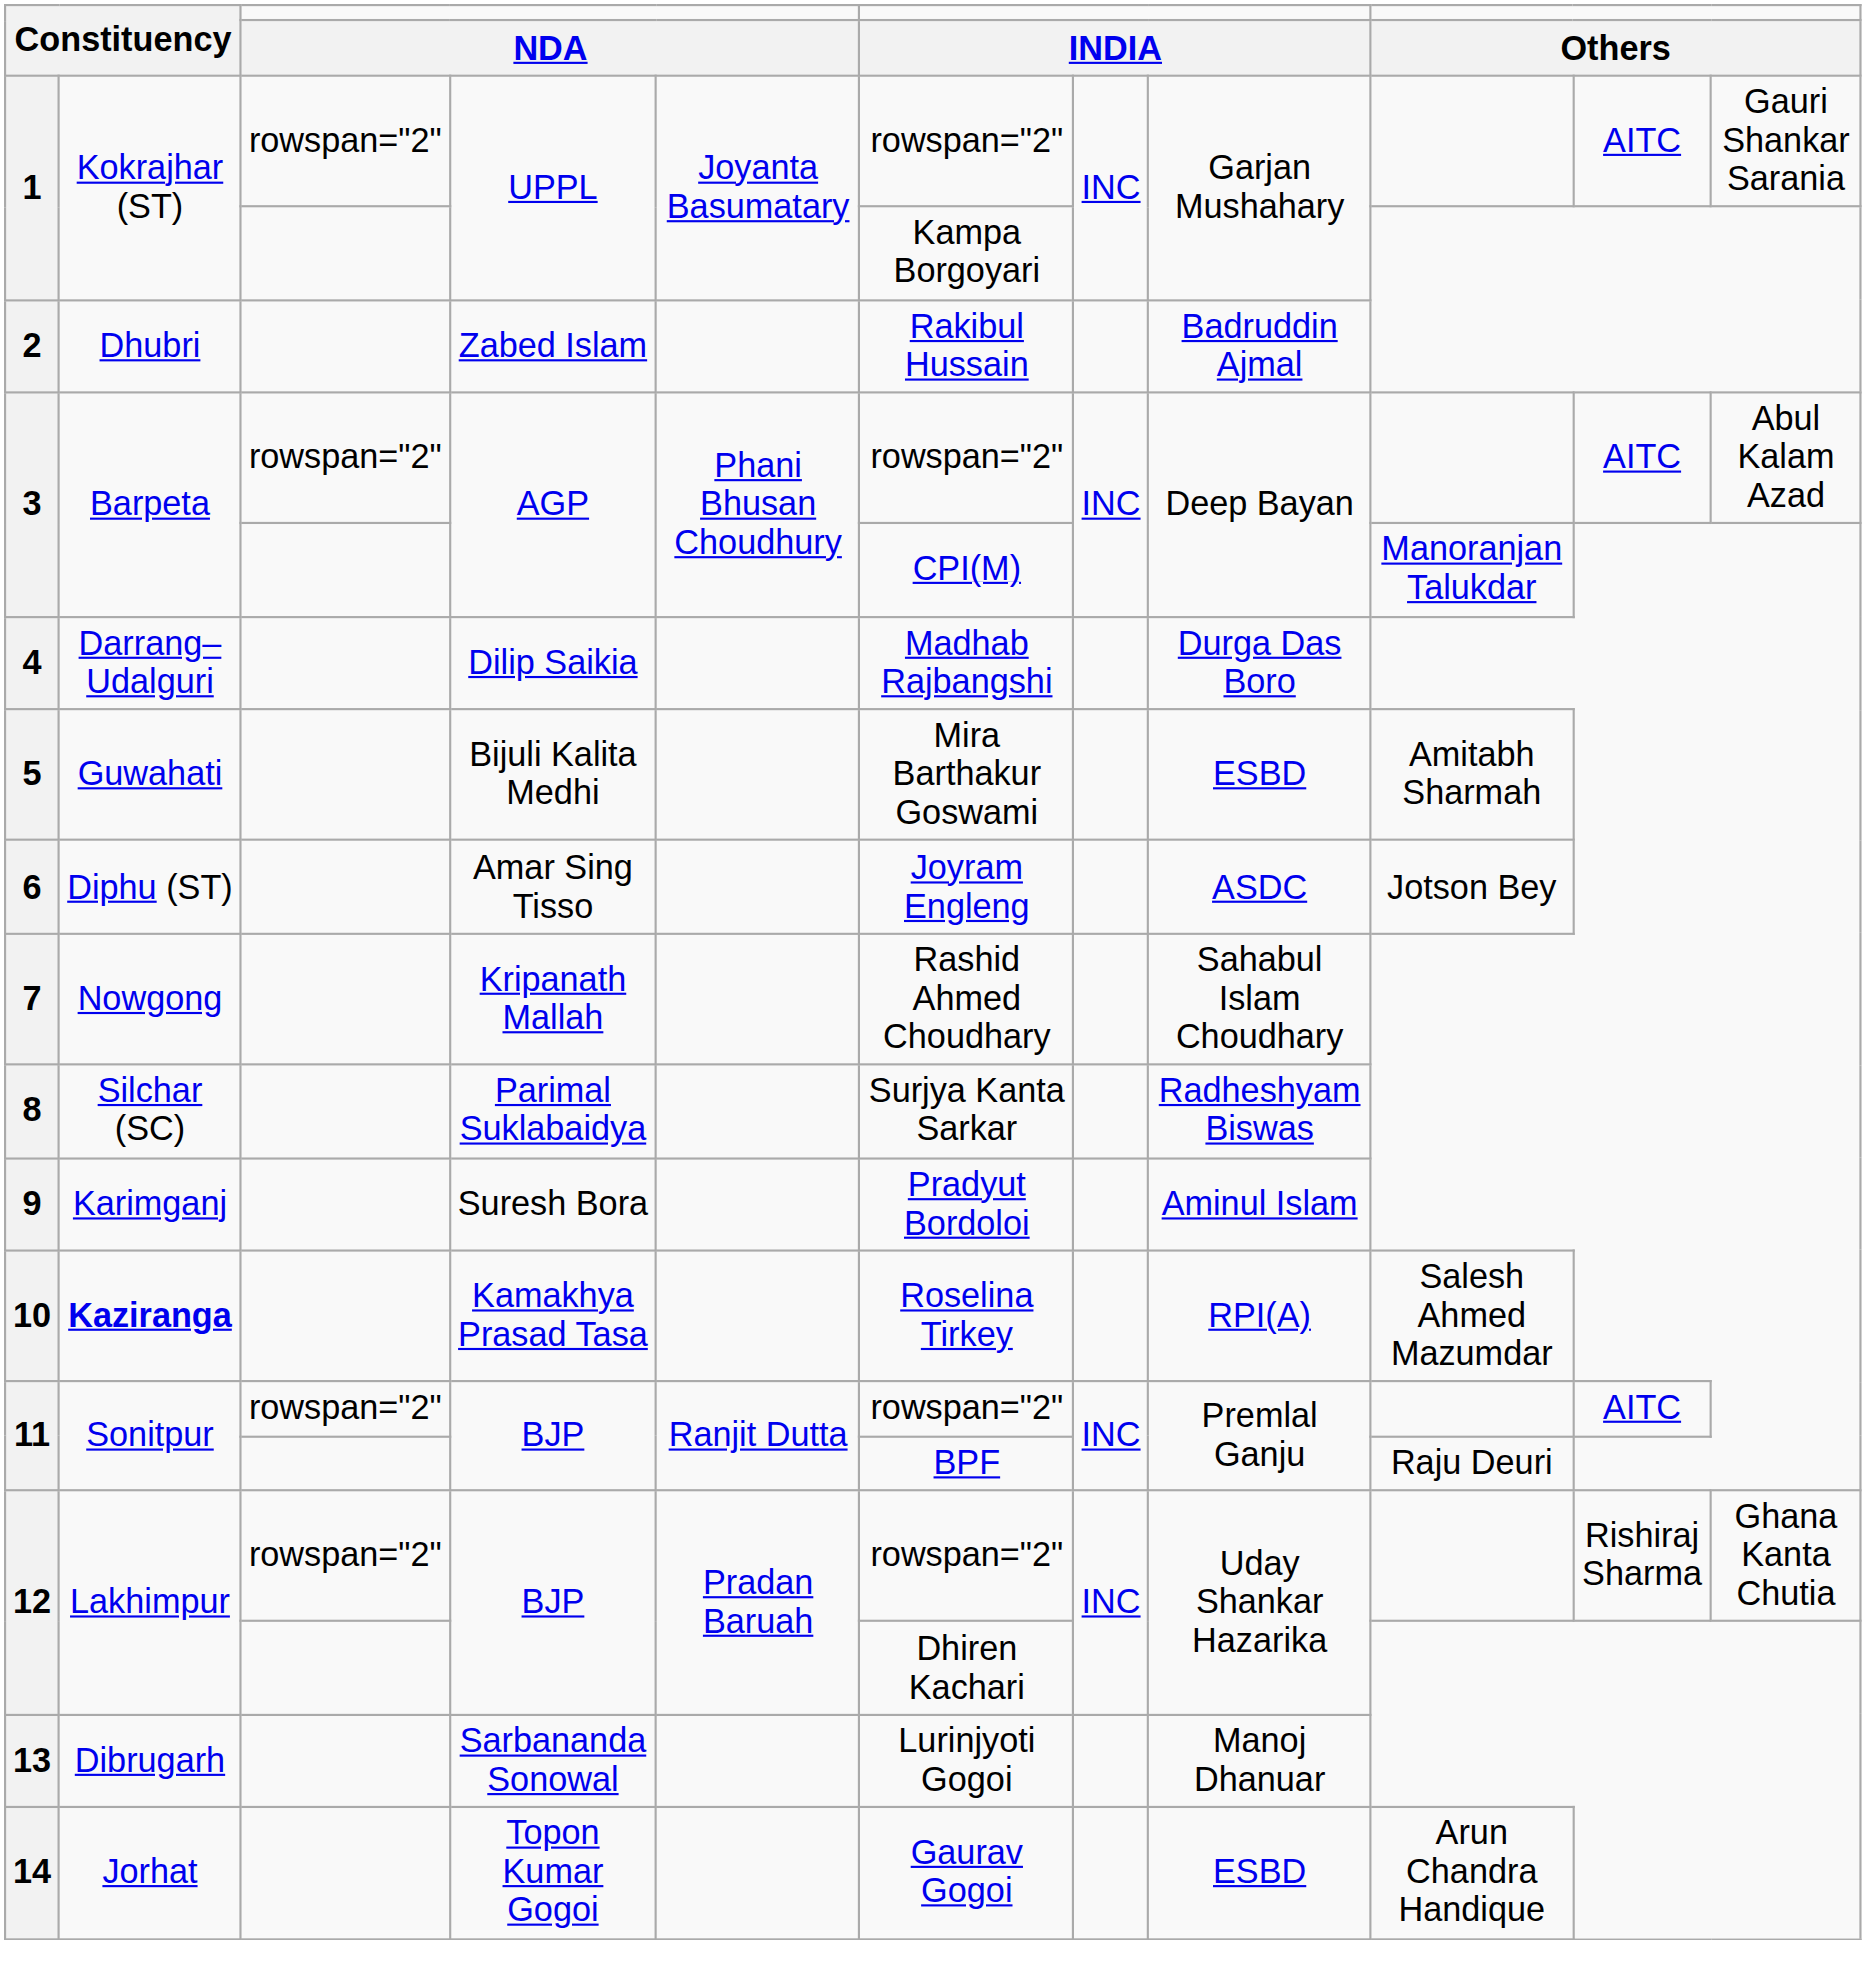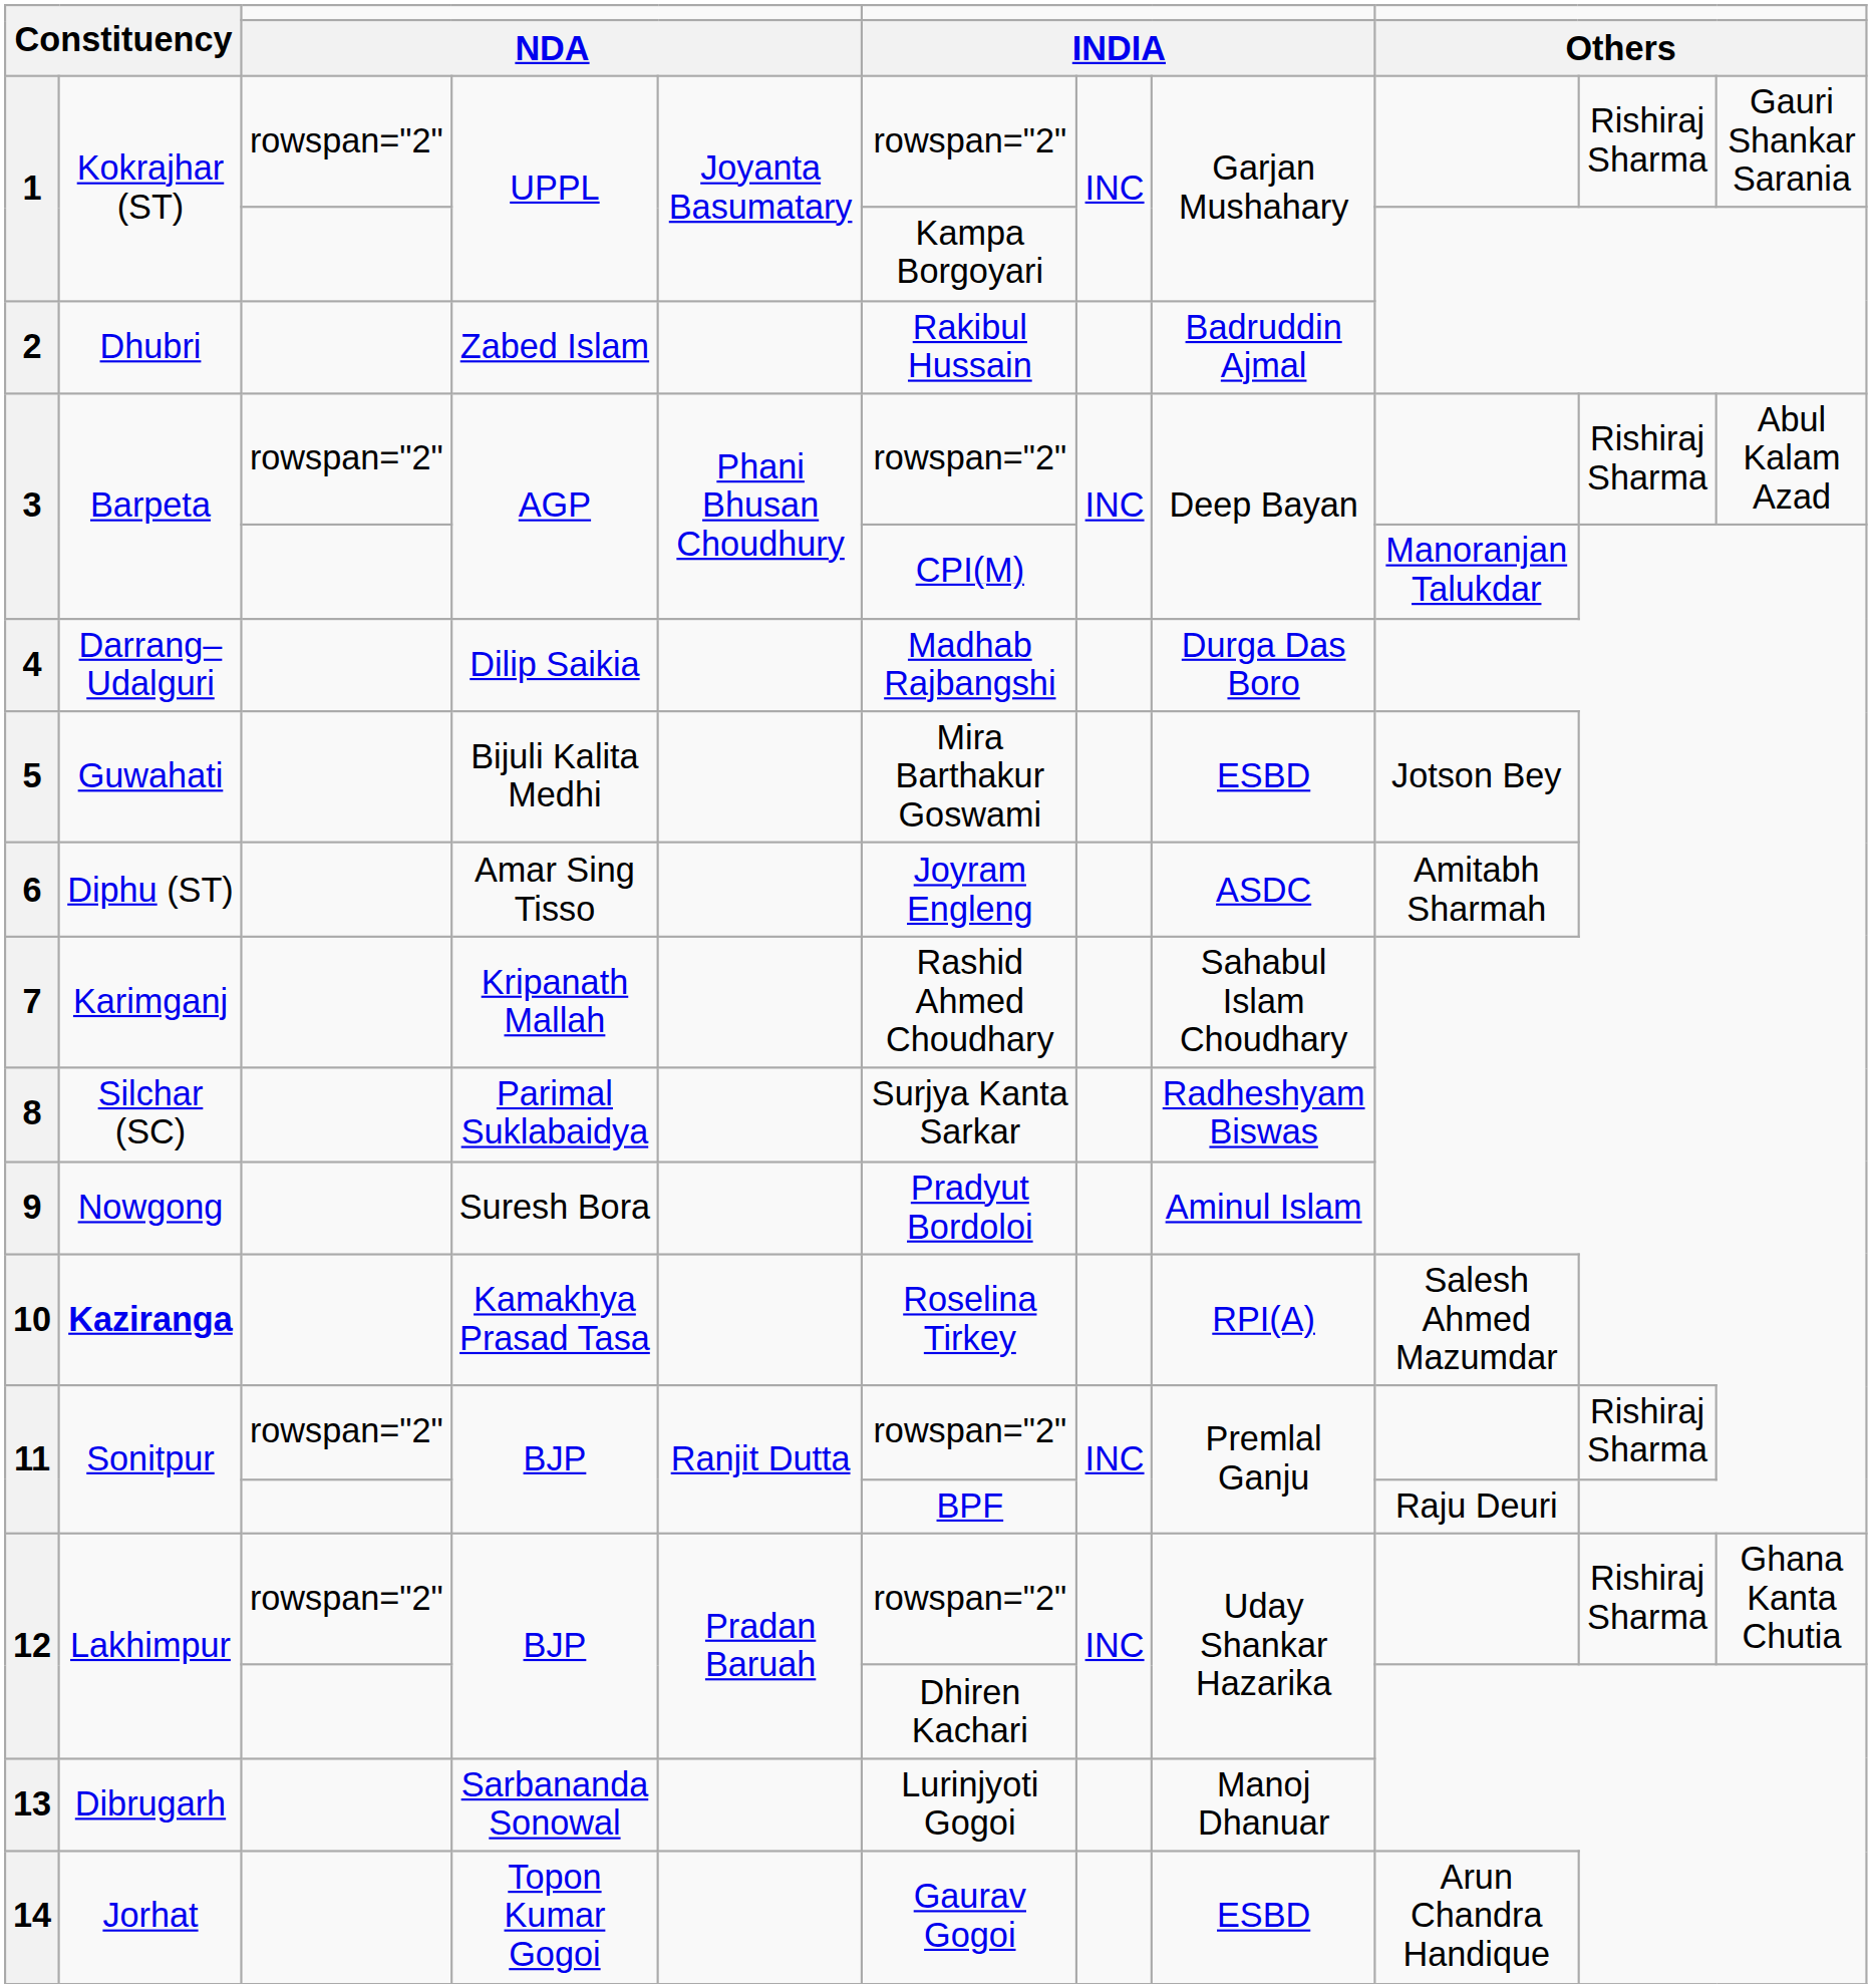 <table class="wikitable sortable" style="text-align:center;">
 <tr>
 <th colspan="2" rowspan="2">Constituency</th>
 <td colspan="3"></td>
 <td colspan="3"></td>
 <td colspan="3"></td>
 </tr>
 <tr>
 <th colspan="3"><a href='#'>NDA</a></th>
 <th colspan="3"><a href='#'>INDIA</a></th>
 <th colspan="3">Others</th>
 </tr>
 <tr>
 <th rowspan="2">1</th>
 <td rowspan="2"><a href='#'>Kokrajhar</a> (ST)</td>
 <td>rowspan="2" </td>
 <td rowspan="2"><a href='#'>UPPL</a></td>
 <td rowspan="2"><a href='#'>Joyanta Basumatary</a></td>
 <td>rowspan="2" </td>
 <td rowspan="2"><a href='#'>INC</a></td>
 <td rowspan="2">Garjan Mushahary</td>
 <td></td>
-<td><a href='#'>AITC</a></td>
+<td>Rishiraj Sharma</td>
 <td>Gauri Shankar Sarania</td>
 </tr>
 <tr>
 <td></td>
 <td>Kampa Borgoyari</td>
 </tr>
 <tr>
 <th>2</th>
 <td><a href='#'>Dhubri</a></td>
 <td></td>
 <td><a href='#'>Zabed Islam</a></td>
 <td></td>
 <td><a href='#'>Rakibul Hussain</a></td>
 <td></td>
 <td><a href='#'>Badruddin Ajmal</a></td>
 </tr>
 <tr>
 <th rowspan="2">3</th>
 <td rowspan="2"><a href='#'>Barpeta</a></td>
 <td>rowspan="2" </td>
 <td rowspan="2"><a href='#'>AGP</a></td>
 <td rowspan="2"><a href='#'>Phani Bhusan Choudhury</a></td>
 <td>rowspan="2" </td>
 <td rowspan="2"><a href='#'>INC</a></td>
 <td rowspan="2">Deep Bayan</td>
 <td></td>
-<td><a href='#'>AITC</a></td>
+<td>Rishiraj Sharma</td>
 <td>Abul Kalam Azad</td>
 </tr>
 <tr>
 <td></td>
 <td><a href='#'>CPI(M)</a></td>
 <td><a href='#'>Manoranjan Talukdar</a></td>
 </tr>
 <tr>
 <th>4</th>
 <td><a href='#'>Darrang–Udalguri</a></td>
 <td></td>
 <td><a href='#'>Dilip Saikia</a></td>
 <td></td>
 <td><a href='#'>Madhab Rajbangshi</a></td>
 <td></td>
 <td><a href='#'>Durga Das Boro</a></td>
 </tr>
 <tr>
 <th>5</th>
 <td><a href='#'>Guwahati</a></td>
 <td></td>
 <td>Bijuli Kalita Medhi</td>
 <td></td>
 <td>Mira Barthakur Goswami</td>
 <td></td>
 <td><a href='#'>ESBD</a></td>
-<td>Amitabh Sharmah</td>
+<td>Jotson Bey</td>
 </tr>
 <tr>
 <th>6</th>
 <td><a href='#'>Diphu</a> (ST)</td>
 <td></td>
 <td>Amar Sing Tisso</td>
 <td></td>
 <td><a href='#'>Joyram Engleng</a></td>
 <td></td>
 <td><a href='#'>ASDC</a></td>
-<td>Jotson Bey</td>
+<td>Amitabh Sharmah</td>
 </tr>
 <tr>
 <th>7</th>
-<td><a href='#'>Nowgong</a></td>
+<td><a href='#'>Karimganj</a></td>
 <td></td>
 <td><a href='#'>Kripanath Mallah</a></td>
 <td></td>
 <td>Rashid Ahmed Choudhary</td>
 <td></td>
 <td>Sahabul Islam Choudhary</td>
 </tr>
 <tr>
 <th>8</th>
 <td><a href='#'>Silchar</a> (SC)</td>
 <td></td>
 <td><a href='#'>Parimal Suklabaidya</a></td>
 <td></td>
 <td>Surjya Kanta Sarkar</td>
 <td></td>
 <td><a href='#'>Radheshyam Biswas</a></td>
 </tr>
 <tr>
 <th>9</th>
-<td><a href='#'>Karimganj</a></td>
+<td><a href='#'>Nowgong</a></td>
 <td></td>
 <td>Suresh Bora</td>
 <td></td>
 <td><a href='#'>Pradyut Bordoloi</a></td>
 <td></td>
 <td><a href='#'>Aminul Islam</a></td>
 </tr>
 <tr>
 <th>10</th>
 <td><strong><a href='#'>Kaziranga</a></strong></td>
 <td></td>
 <td><a href='#'>Kamakhya Prasad Tasa</a></td>
 <td></td>
 <td><a href='#'>Roselina Tirkey</a></td>
 <td></td>
 <td><a href='#'>RPI(A)</a></td>
 <td>Salesh Ahmed Mazumdar</td>
 </tr>
 <tr>
 <th rowspan="2">11</th>
 <td rowspan="2"><a href='#'>Sonitpur</a></td>
 <td>rowspan="2" </td>
 <td rowspan="2"><a href='#'>BJP</a></td>
 <td rowspan="2"><a href='#'>Ranjit Dutta</a></td>
 <td>rowspan="2" </td>
 <td rowspan="2"><a href='#'>INC</a></td>
 <td rowspan="2">Premlal Ganju</td>
 <td></td>
-<td><a href='#'>AITC</a></td>
+<td>Rishiraj Sharma</td>
 </tr>
 <tr>
 <td></td>
 <td><a href='#'>BPF</a></td>
 <td>Raju Deuri</td>
 </tr>
 <tr>
 <th rowspan="2">12</th>
 <td rowspan="2"><a href='#'>Lakhimpur</a></td>
 <td>rowspan="2" </td>
 <td rowspan="2"><a href='#'>BJP</a></td>
 <td rowspan="2"><a href='#'>Pradan Baruah</a></td>
 <td>rowspan="2" </td>
 <td rowspan="2"><a href='#'>INC</a></td>
 <td rowspan="2">Uday Shankar Hazarika</td>
 <td></td>
 <td>Rishiraj Sharma</td>
 <td>Ghana Kanta Chutia</td>
 </tr>
 <tr>
 <td></td>
 <td>Dhiren Kachari</td>
 </tr>
 <tr>
 <th>13</th>
 <td><a href='#'>Dibrugarh</a></td>
 <td></td>
 <td><a href='#'>Sarbananda Sonowal</a></td>
 <td></td>
 <td>Lurinjyoti Gogoi</td>
 <td></td>
 <td>Manoj Dhanuar</td>
 </tr>
 <tr>
 <th>14</th>
 <td><a href='#'>Jorhat</a></td>
 <td></td>
 <td><a href='#'>Topon Kumar Gogoi</a></td>
 <td></td>
 <td><a href='#'>Gaurav Gogoi</a></td>
 <td></td>
 <td><a href='#'>ESBD</a></td>
 <td>Arun Chandra Handique</td>
 </tr>
 <tr>
 </tr>
 </table>
